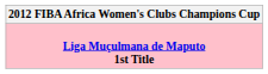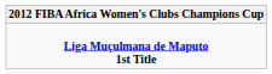 <table class=wikitable style="text-align:center; margin:auto">
 <tr>
 <th>2012 FIBA Africa Women's Clubs Champions Cup</th>
 </tr>
 <tr>
-<td style="background: pink;"><br><strong><a href='#'>Liga Muçulmana de Maputo</a></strong><br><strong>1st Title</strong></td>
+<td><br><strong><a href='#'>Liga Muçulmana de Maputo</a></strong><br><strong>1st Title</strong></td>
 </tr>
 </table>
